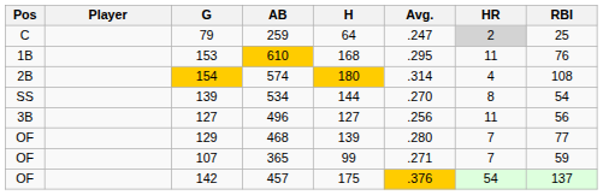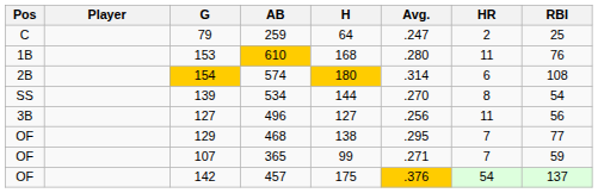 <table class="wikitable sortable">
 <tr>
 <th bgcolor="#DDDDFF" width="5%">Pos</th>
 <th bgcolor="#DDDDFF" width="16%">Player</th>
 <th bgcolor="#DDDDFF" width="9%">G</th>
 <th bgcolor="#DDDDFF" width="9%">AB</th>
 <th bgcolor="#DDDDFF" width="9%">H</th>
 <th bgcolor="#DDDDFF" width="9%">Avg.</th>
 <th bgcolor="#DDDDFF" width="9%">HR</th>
 <th bgcolor="#DDDDFF" width="9%">RBI</th>
 </tr>
 <tr align="center">
 <td>C</td>
 <td></td>
 <td>79</td>
 <td>259</td>
 <td>64</td>
 <td>.247</td>
-<td style="background: lightgrey;">2</td>
+<td>2</td>
 <td>25</td>
 </tr>
 <tr align="center">
 <td>1B</td>
 <td></td>
 <td>153</td>
 <td style="background:#fc0;">610</td>
 <td>168</td>
-<td>.295</td>
+<td>.280</td>
 <td>11</td>
 <td>76</td>
 </tr>
 <tr align="center">
 <td>2B</td>
 <td></td>
 <td style="background:#fc0;">154</td>
 <td>574</td>
 <td style="background:#fc0;">180</td>
 <td>.314</td>
-<td>4</td>
+<td>6</td>
 <td>108</td>
 </tr>
 <tr align="center">
 <td>SS</td>
 <td></td>
 <td>139</td>
 <td>534</td>
 <td>144</td>
 <td>.270</td>
 <td>8</td>
 <td>54</td>
 </tr>
 <tr align="center">
 <td>3B</td>
 <td></td>
 <td>127</td>
 <td>496</td>
 <td>127</td>
 <td>.256</td>
 <td>11</td>
 <td>56</td>
 </tr>
 <tr align="center">
 <td>OF</td>
 <td></td>
 <td>129</td>
 <td>468</td>
-<td>139</td>
-<td>.280</td>
+<td>138</td>
+<td>.295</td>
 <td>7</td>
 <td>77</td>
 </tr>
 <tr align="center">
 <td>OF</td>
 <td></td>
 <td>107</td>
 <td>365</td>
 <td>99</td>
 <td>.271</td>
 <td>7</td>
 <td>59</td>
 </tr>
 <tr align="center">
 <td>OF</td>
 <td></td>
 <td>142</td>
 <td>457</td>
 <td>175</td>
 <td style="background:#fc0;">.376</td>
 <td style="background:#DDFFDD;">54</td>
 <td style="background:#DDFFDD;">137</td>
 </tr>
 </table>
